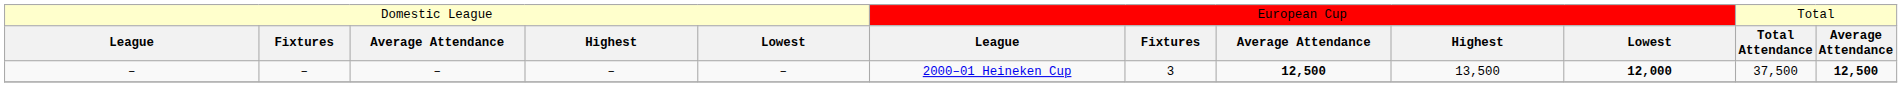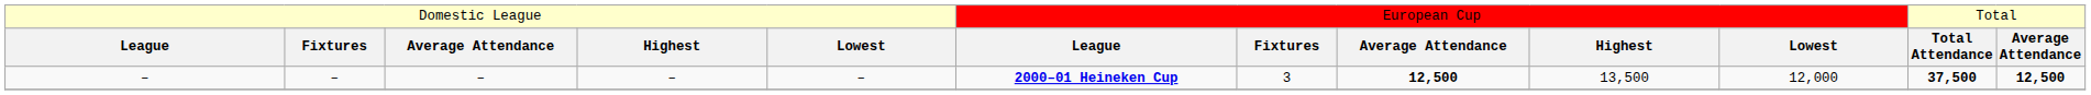 <table class="wikitable sortable" style="font-size:90%; width:90%;">
 <tr>
 <td colspan="5" class="wikitable sortable" style="width:45%; background:#ffffcc; text-align:center;"><span>Domestic League</span></td>
 <td colspan="5" class="wikitable sortable" style="width:45%; background:#f00; text-align:center;"><span>European Cup</span></td>
 <td colspan="2" class="wikitable sortable" style="width:45%; background:#ffffcc; text-align:center;"><span>Total</span></td>
 </tr>
 <tr>
 <th style="width:15%;">League</th>
 <th style="width:5%;">Fixtures</th>
 <th style="width:10%;">Average Attendance</th>
 <th style="width:10%;">Highest</th>
 <th style="width:10%;">Lowest</th>
 <th style="width:15%;">League</th>
 <th style="width:5%;">Fixtures</th>
 <th style="width:10%;">Average Attendance</th>
 <th style="width:10%;">Highest</th>
 <th style="width:10%;">Lowest</th>
 <th style="width:10%;">Total Attendance</th>
 <th style="width:10%;">Average Attendance</th>
 </tr>
 <tr>
 <td align=center>–</td>
 <td align=center>–</td>
 <td align=center>–</td>
 <td align=center>–</td>
 <td align=center>–</td>
-<td align=center><a href='#'>2000–01 Heineken Cup</a></td>
+<td align=center><strong><a href='#'>2000–01 Heineken Cup</a></strong></td>
 <td align=center>3</td>
 <td align=center><strong>12,500</strong></td>
 <td align=center>13,500</td>
-<td align=center><strong>12,000</strong></td>
-<td align=center>37,500</td>
+<td align=center>12,000</td>
+<td align=center><strong>37,500</strong></td>
 <td align=center><strong>12,500</strong></td>
 </tr>
 <tr>
 </tr>
 </table>
